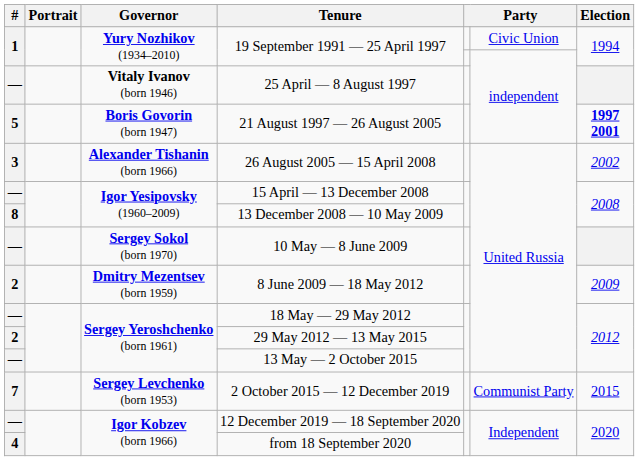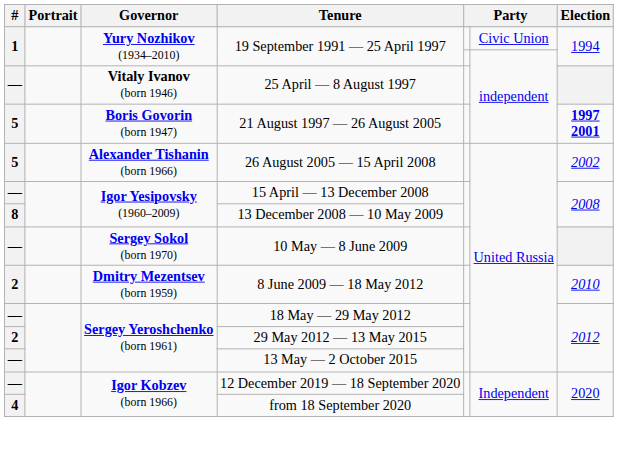 <table class="wikitable" style="text-align:center">
 <tr style="background:#cccccc" bgcolor=#E6E6AA>
 <th>#</th>
 <th>Portrait</th>
 <th>Governor</th>
 <th>Tenure</th>
 <th colspan=2>Party</th>
 <th>Election</th>
 </tr>
 <tr>
 <th rowspan=2>1</th>
 <td rowspan=2></td>
 <td rowspan=2><strong><a href='#'>Yury Nozhikov</a></strong><br><small>(1934–2010)</small></td>
 <td rowspan=2>19 September 1991 — 25 April 1997</td>
 <td style="background: "></td>
 <td><a href='#'>Civic Union</a></td>
 <td rowspan=2><a href='#'>1994</a></td>
 </tr>
 <tr>
 <td style="background: "></td>
 <td rowspan="3"><a href='#'>independent</a></td>
 </tr>
 <tr>
 <th>—</th>
 <td></td>
 <td><strong>Vitaly Ivanov</strong><br><small>(born 1946)</small></td>
 <td>25 April — 8 August 1997</td>
 <td style="background: "></td>
 <th></th>
 </tr>
 <tr>
 <th>5</th>
 <td></td>
 <td><strong><a href='#'>Boris Govorin</a></strong><br><small>(born 1947)</small></td>
 <td>21 August 1997 — 26 August 2005</td>
 <td style="background: "></td>
 <td><strong><a href='#'>1997</a><br><a href='#'>2001</a></strong></td>
 </tr>
 <tr>
-<th>3</th>
+<th>5</th>
 <td></td>
 <td><strong><a href='#'>Alexander Tishanin</a></strong><br><small>(born 1966)</small></td>
 <td>26 August 2005 — 15 April 2008</td>
 <td style="background: "></td>
 <td rowspan="8"><a href='#'>United Russia</a></td>
 <td><em><a href='#'>2002</a></em></td>
 </tr>
 <tr>
 <th>—</th>
 <td rowspan=2></td>
 <td rowspan=2><strong><a href='#'>Igor Yesipovsky</a></strong><br><small>(1960–2009)</small></td>
 <td>15 April — 13 December 2008</td>
 <td rowspan=2; style="background: "></td>
 <td rowspan=2><em><a href='#'>2008</a></em></td>
 </tr>
 <tr>
 <th>8</th>
 <td>13 December 2008 — 10 May 2009</td>
 </tr>
 <tr>
 <th>—</th>
 <td></td>
 <td><strong><a href='#'>Sergey Sokol</a></strong><br><small>(born 1970)</small></td>
 <td>10 May — 8 June 2009</td>
 <td style="background: "></td>
 <th></th>
 </tr>
 <tr>
 <th>2</th>
 <td></td>
 <td><strong><a href='#'>Dmitry Mezentsev</a></strong><br><small>(born 1959)</small></td>
 <td>8 June 2009 — 18 May 2012</td>
 <td style="background: "></td>
-<td><em><a href='#'>2009</a></em></td>
+<td><em><a href='#'>2010</a></em></td>
 </tr>
 <tr>
 <th>—</th>
 <td rowspan=3></td>
 <td rowspan=3><strong><a href='#'>Sergey Yeroshchenko</a></strong><br><small>(born 1961)</small></td>
 <td>18 May — 29 May 2012</td>
 <td rowspan=3; style="background: "></td>
 <td rowspan=3><em><a href='#'>2012</a></em></td>
 </tr>
 <tr>
 <th>2</th>
 <td>29 May 2012 — 13 May 2015</td>
 </tr>
 <tr>
 <th>—</th>
 <td>13 May — 2 October 2015</td>
 </tr>
 <tr>
-<th>7</th>
-<td></td>
-<td><strong><a href='#'>Sergey Levchenko</a></strong><br><small>(born 1953)</small></td>
-<td>2 October 2015 — 12 December 2019</td>
-<td style="background: "></td>
-<td><a href='#'>Communist Party</a></td>
-<td><a href='#'>2015</a></td>
-</tr>
-<tr>
 <th>—</th>
 <td rowspan=2></td>
 <td rowspan=2><strong><a href='#'>Igor Kobzev</a></strong><br><small>(born 1966)</small></td>
 <td>12 December 2019 — 18 September 2020</td>
 <td rowspan=2; style="background: "></td>
 <td rowspan=2><a href='#'>Independent</a></td>
 <td rowspan=2><a href='#'>2020</a></td>
 </tr>
 <tr>
 <th>4</th>
 <td>from 18 September 2020</td>
 </tr>
 </table>
